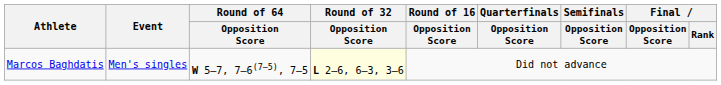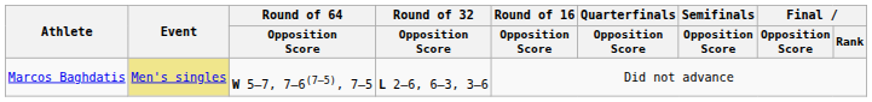 <table class=wikitable style="font-size:90%">
 <tr>
 <th rowspan="2">Athlete</th>
 <th rowspan="2">Event</th>
 <th>Round of 64</th>
 <th>Round of 32</th>
 <th>Round of 16</th>
 <th>Quarterfinals</th>
 <th>Semifinals</th>
 <th colspan=2>Final / </th>
 </tr>
 <tr style="font-size:95%">
 <th>Opposition<br>Score</th>
 <th>Opposition<br>Score</th>
 <th>Opposition<br>Score</th>
 <th>Opposition<br>Score</th>
 <th>Opposition<br>Score</th>
 <th>Opposition<br>Score</th>
 <th>Rank</th>
 </tr>
 <tr align=center>
 <td align=left><a href='#'>Marcos Baghdatis</a></td>
-<td align=left><a href='#'>Men's singles</a></td>
+<td align=left style="background: khaki;"><a href='#'>Men's singles</a></td>
 <td><br><strong>W</strong> 5–7, 7–6<sup>(7–5)</sup>, 7–5</td>
-<td style="background: lightyellow;"><br><strong>L</strong> 2–6, 6–3, 3–6</td>
+<td><br><strong>L</strong> 2–6, 6–3, 3–6</td>
 <td colspan=5>Did not advance</td>
 </tr>
 </table>
